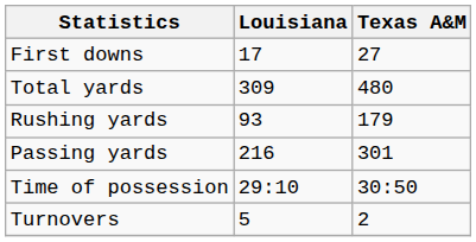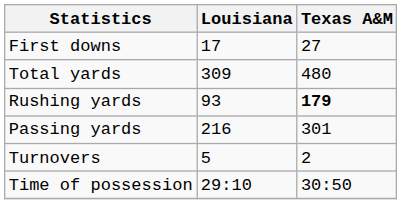 <table class="wikitable">
 <tr>
 <th>Statistics</th>
 <th>Louisiana</th>
 <th>Texas A&M</th>
 </tr>
 <tr>
 <td>First downs</td>
 <td>17</td>
 <td>27</td>
 </tr>
 <tr>
 <td>Total yards</td>
 <td>309</td>
 <td>480</td>
 </tr>
 <tr>
 <td>Rushing yards</td>
 <td>93</td>
-<td>179</td>
+<td><strong>179</strong></td>
 </tr>
 <tr>
 <td>Passing yards</td>
 <td>216</td>
 <td>301</td>
 </tr>
 <tr>
+<td>Turnovers</td>
+<td>5</td>
+<td>2</td>
+</tr>
+<tr>
 <td>Time of possession</td>
 <td>29:10</td>
 <td>30:50</td>
 </tr>
 <tr>
-<td>Turnovers</td>
-<td>5</td>
-<td>2</td>
-</tr>
-<tr>
 </tr>
 </table>
